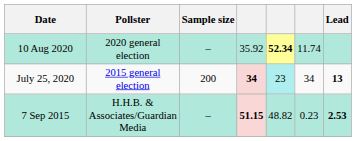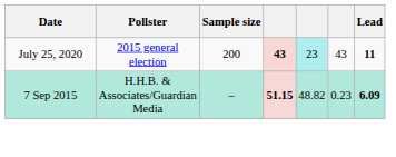 <table class="wikitable sortable collapsible" style="text-align:center;font-size:95%;">
 <tr style="height:42px;">
 <th style="width:110px;">Date</th>
 <th style="width:110px;">Pollster</th>
 <th data-sort-type="number">Sample size</th>
 <th class="unsortable" style="background:"><a href='#'></a></th>
 <th class="unsortable" style="background:"><a href='#'></a></th>
 <th class="unsortable" style="background:"></th>
 <th>Lead</th>
 </tr>
-<tr style="background:#b0e9db;">
-<td>10 Aug 2020</td>
-<td>2020 general election</td>
-<td>–</td>
-<td>35.92</td>
-<td style="background:#ffff99;"><strong>52.34</strong></td>
-<td>11.74</td>
-<td style="background:"><strong></strong></td>
-</tr>
 <tr>
 <td>July 25, 2020</td>
 <td><a href='#'>2015 general election</a></td>
 <td>200</td>
-<td style="background:#F8D7D6;"><strong>34</strong></td>
+<td style="background:#F8D7D6;"><strong>43</strong></td>
 <td style="background: paleturquoise;">23</td>
-<td>34</td>
-<td style="background:"><strong>13</strong></td>
+<td>43</td>
+<td style="background:"><strong>11</strong></td>
 </tr>
 <tr style="background:#b0e9db;">
 <td data-sort-value="2015-09-07">7 Sep 2015</td>
 <td>H.H.B. & Associates/Guardian Media</td>
 <td>–</td>
 <td style="background:#F8D7D6;"><strong>51.15</strong></td>
 <td>48.82</td>
 <td>0.23</td>
-<td style="background:"><strong>2.53</strong></td>
+<td style="background:"><strong>6.09</strong></td>
 </tr>
 </table>
